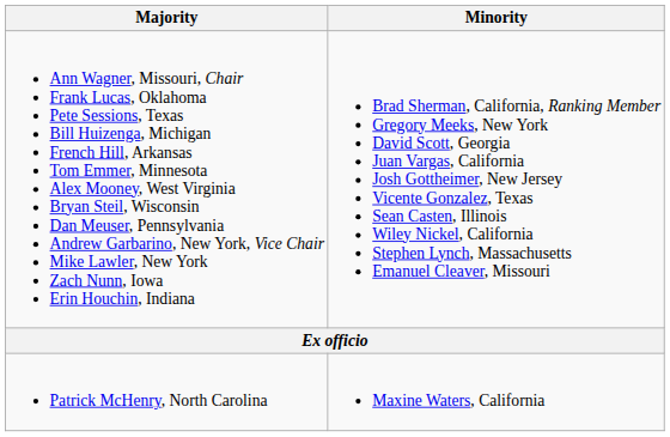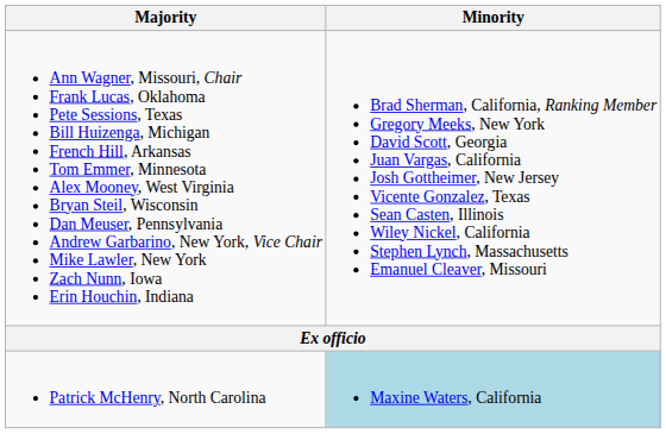 <table class=wikitable>
 <tr>
 <th>Majority</th>
 <th>Minority</th>
 </tr>
 <tr>
 <td><br><ul><li><a href='#'>Ann Wagner</a>, Missouri, <em>Chair</em></li><li><a href='#'>Frank Lucas</a>, Oklahoma</li><li><a href='#'>Pete Sessions</a>, Texas</li><li><a href='#'>Bill Huizenga</a>, Michigan</li><li><a href='#'>French Hill</a>, Arkansas</li><li><a href='#'>Tom Emmer</a>, Minnesota</li><li><a href='#'>Alex Mooney</a>, West Virginia</li><li><a href='#'>Bryan Steil</a>, Wisconsin</li><li><a href='#'>Dan Meuser</a>, Pennsylvania</li><li><a href='#'>Andrew Garbarino</a>, New York, <em>Vice Chair</em></li><li><a href='#'>Mike Lawler</a>, New York</li><li><a href='#'>Zach Nunn</a>, Iowa</li><li><a href='#'>Erin Houchin</a>, Indiana</li></ul></td>
 <td><br><ul><li><a href='#'>Brad Sherman</a>, California, <em>Ranking Member</em></li><li><a href='#'>Gregory Meeks</a>, New York</li><li><a href='#'>David Scott</a>, Georgia</li><li><a href='#'>Juan Vargas</a>, California</li><li><a href='#'>Josh Gottheimer</a>, New Jersey</li><li><a href='#'>Vicente Gonzalez</a>, Texas</li><li><a href='#'>Sean Casten</a>, Illinois</li><li><a href='#'>Wiley Nickel</a>, California</li><li><a href='#'> Stephen Lynch</a>, Massachusetts</li><li><a href='#'>Emanuel Cleaver</a>, Missouri</li></ul></td>
 </tr>
 <tr>
 <th colspan=2><em>Ex officio</em></th>
 </tr>
 <tr>
 <td><br><ul><li><a href='#'>Patrick McHenry</a>, North Carolina</li></ul></td>
-<td><br><ul><li><a href='#'>Maxine Waters</a>, California</li></ul></td>
+<td style="background: lightblue;"><br><ul><li><a href='#'>Maxine Waters</a>, California</li></ul></td>
 </tr>
 </table>
